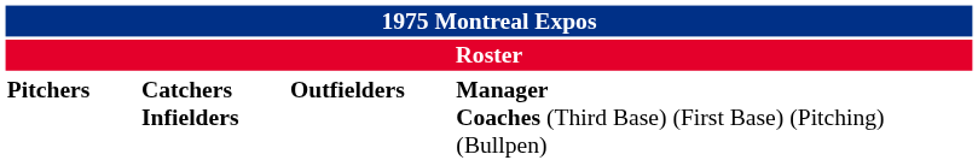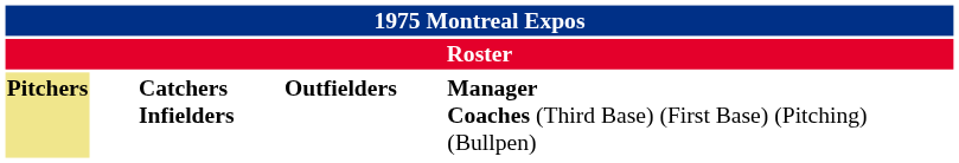 <table class="toccolours" style="font-size: 95%;">
 <tr>
 <th colspan="10" style="background-color: #003087; color: #FFFFFF; text-align: center;">1975 Montreal Expos</th>
 </tr>
 <tr>
 <td colspan="10" style="background-color: #E4002B; color: #FFFFFF; text-align: center;"><strong>Roster</strong></td>
 </tr>
 <tr>
-<td valign="top"><strong>Pitchers</strong><br>             </td>
+<td valign="top" style="background: khaki;"><strong>Pitchers</strong><br>             </td>
 <td width="25px"></td>
 <td valign="top"><strong>Catchers</strong><br>  <strong>Infielders</strong>           </td>
 <td width="25px"></td>
 <td valign="top"><strong>Outfielders</strong><br>          </td>
 <td width="25px"></td>
 <td valign="top"><strong>Manager</strong><br> <strong>Coaches</strong>  (Third Base)  (First Base)  (Pitching)  (Bullpen)</td>
 </tr>
 <tr>
 </tr>
 </table>
